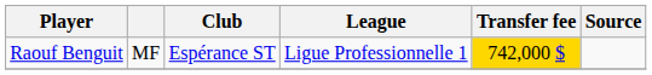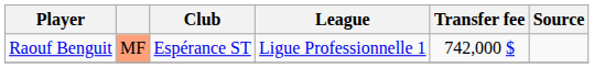 <table class="wikitable plainrowheaders sortable" style="text-align:center;font-size:95%">
 <tr>
 <th>Player</th>
 <th></th>
 <th>Club</th>
 <th>League</th>
 <th>Transfer fee</th>
 <th>Source</th>
 </tr>
 <tr>
 <td align="left"> <a href='#'>Raouf Benguit</a></td>
-<td>MF</td>
+<td style="background: lightsalmon;">MF</td>
 <td><a href='#'>Espérance ST</a></td>
 <td> <a href='#'>Ligue Professionnelle 1</a></td>
-<td style="background: gold;">742,000 <a href='#'>$</a></td>
+<td>742,000 <a href='#'>$</a></td>
 <td></td>
 </tr>
 <tr>
 </tr>
 </table>
